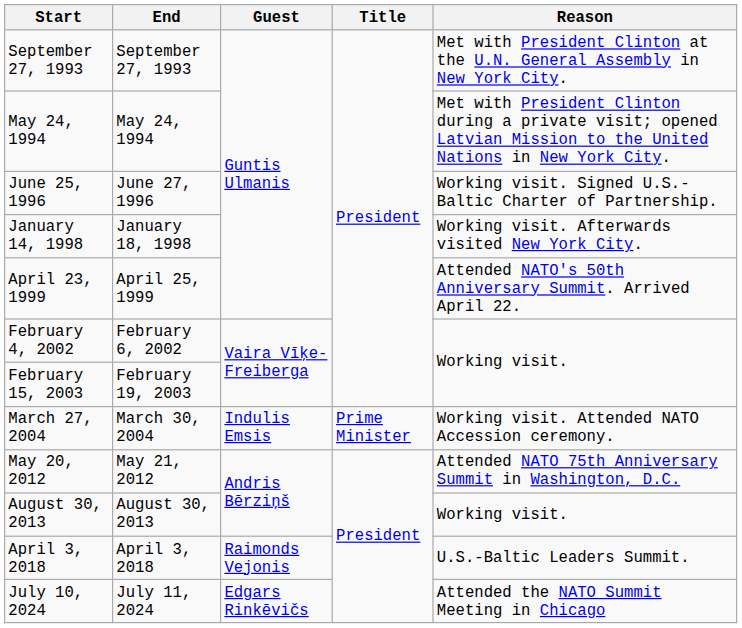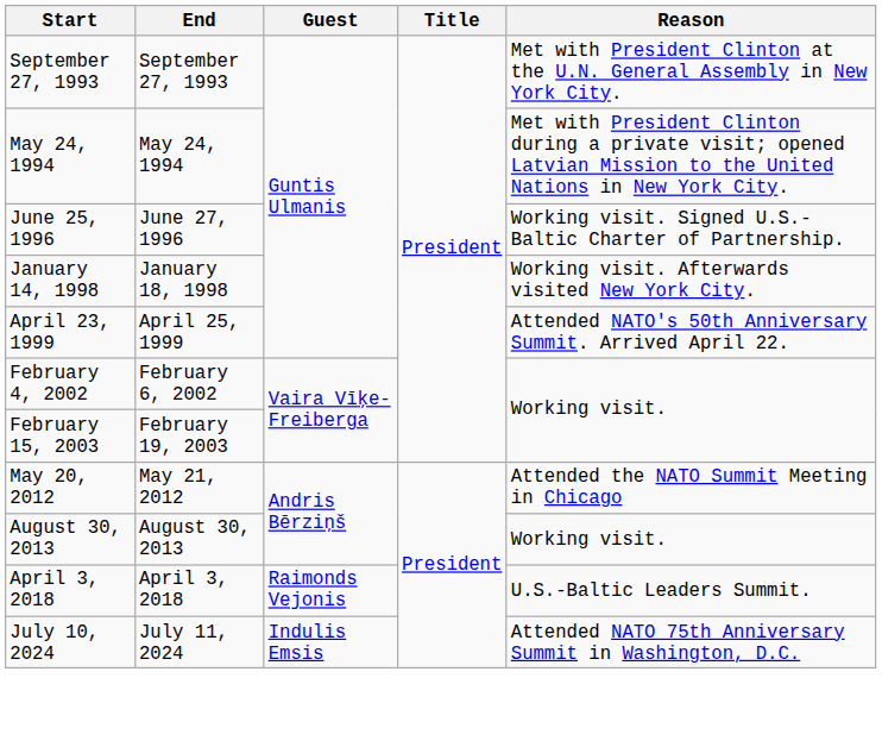 <table class="wikitable sortable">
 <tr>
 <th>Start</th>
 <th>End</th>
 <th>Guest</th>
 <th>Title</th>
 <th>Reason</th>
 </tr>
 <tr>
 <td>September 27, 1993</td>
 <td>September 27, 1993</td>
 <td rowspan=5><a href='#'>Guntis Ulmanis</a></td>
 <td rowspan=7><a href='#'>President</a></td>
 <td>Met with <a href='#'>President Clinton</a> at the <a href='#'>U.N. General Assembly</a> in <a href='#'>New York City</a>.</td>
 </tr>
 <tr>
 <td>May 24, 1994</td>
 <td>May 24, 1994</td>
 <td>Met with <a href='#'>President Clinton</a> during a private visit; opened <a href='#'>Latvian Mission to the United Nations</a> in <a href='#'>New York City</a>.</td>
 </tr>
 <tr>
 <td>June 25, 1996</td>
 <td>June 27, 1996</td>
 <td>Working visit. Signed U.S.-Baltic Charter of Partnership.</td>
 </tr>
 <tr>
 <td>January 14, 1998</td>
 <td>January 18, 1998</td>
 <td>Working visit. Afterwards visited <a href='#'>New York City</a>.</td>
 </tr>
 <tr>
 <td>April 23, 1999</td>
 <td>April 25, 1999</td>
 <td>Attended <a href='#'>NATO's 50th Anniversary Summit</a>. Arrived April 22.</td>
 </tr>
 <tr>
 <td>February 4, 2002</td>
 <td>February 6, 2002</td>
 <td rowspan=2><a href='#'>Vaira Vīķe-Freiberga</a></td>
 <td rowspan=2>Working visit.</td>
 </tr>
 <tr>
 <td>February 15, 2003</td>
 <td>February 19, 2003</td>
 </tr>
 <tr>
-<td>March 27, 2004</td>
-<td>March 30, 2004</td>
-<td><a href='#'>Indulis Emsis</a></td>
-<td><a href='#'>Prime Minister</a></td>
-<td>Working visit. Attended NATO Accession ceremony.</td>
-</tr>
-<tr>
 <td>May 20, 2012</td>
 <td>May 21, 2012</td>
 <td rowspan=2><a href='#'>Andris Bērziņš</a></td>
 <td rowspan=4><a href='#'>President</a></td>
-<td>Attended <a href='#'>NATO 75th Anniversary Summit</a> in <a href='#'>Washington, D.C.</a></td>
+<td>Attended the <a href='#'>NATO Summit</a> Meeting in <a href='#'>Chicago</a></td>
 </tr>
 <tr>
 <td>August 30, 2013</td>
 <td>August 30, 2013</td>
 <td>Working visit.</td>
 </tr>
 <tr>
 <td>April 3, 2018</td>
 <td>April 3, 2018</td>
 <td><a href='#'>Raimonds Vejonis</a></td>
 <td>U.S.-Baltic Leaders Summit.</td>
 </tr>
 <tr>
 <td>July 10, 2024</td>
 <td>July 11, 2024</td>
-<td><a href='#'>Edgars Rinkēvičs</a></td>
-<td>Attended the <a href='#'>NATO Summit</a> Meeting in <a href='#'>Chicago</a></td>
+<td><a href='#'>Indulis Emsis</a></td>
+<td>Attended <a href='#'>NATO 75th Anniversary Summit</a> in <a href='#'>Washington, D.C.</a></td>
 </tr>
 </table>
